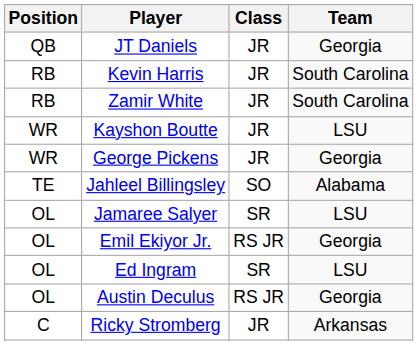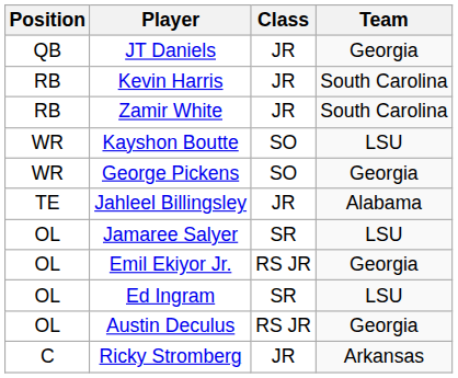 <table class="wikitable sortable">
 <tr>
 <th>Position</th>
 <th>Player</th>
 <th>Class</th>
 <th>Team</th>
 </tr>
 <tr style="text-align:center;">
 <td style="background:white">QB</td>
 <td style="background:white"><a href='#'>JT Daniels</a></td>
 <td style="background:white">JR</td>
 <td>Georgia</td>
 </tr>
 <tr style="text-align:center;">
 <td style="background:white">RB</td>
 <td style="background:white"><a href='#'>Kevin Harris</a></td>
 <td style="background:white">JR</td>
 <td>South Carolina</td>
 </tr>
 <tr style="text-align:center;">
 <td style="background:white">RB</td>
 <td style="background:white"><a href='#'>Zamir White</a></td>
 <td style="background:white">JR</td>
 <td>South Carolina</td>
 </tr>
 <tr style="text-align:center;">
 <td style="background:white">WR</td>
 <td style="background:white"><a href='#'>Kayshon Boutte</a></td>
-<td style="background:white">JR</td>
+<td style="background:white">SO</td>
 <td>LSU</td>
 </tr>
 <tr style="text-align:center;">
 <td style="background:white">WR</td>
 <td style="background:white"><a href='#'>George Pickens</a></td>
-<td style="background:white">JR</td>
+<td style="background:white">SO</td>
 <td>Georgia</td>
 </tr>
 <tr style="text-align:center;">
 <td style="background:white">TE</td>
 <td style="background:white"><a href='#'>Jahleel Billingsley</a></td>
-<td style="background:white">SO</td>
+<td style="background:white">JR</td>
 <td>Alabama</td>
 </tr>
 <tr style="text-align:center;">
 <td style="background:white">OL</td>
 <td style="background:white"><a href='#'>Jamaree Salyer</a></td>
 <td style="background:white">SR</td>
 <td>LSU</td>
 </tr>
 <tr style="text-align:center;">
 <td style="background:white">OL</td>
 <td style="background:white"><a href='#'>Emil Ekiyor Jr.</a></td>
 <td style="background:white">RS JR</td>
 <td>Georgia</td>
 </tr>
 <tr style="text-align:center;">
 <td style="background:white">OL</td>
 <td style="background:white"><a href='#'>Ed Ingram</a></td>
 <td style="background:white">SR</td>
 <td>LSU</td>
 </tr>
 <tr style="text-align:center;">
 <td style="background:white">OL</td>
 <td style="background:white"><a href='#'>Austin Deculus</a></td>
 <td style="background:white">RS JR</td>
 <td>Georgia</td>
 </tr>
 <tr style="text-align:center;">
 <td style="background:white">C</td>
 <td style="background:white"><a href='#'>Ricky Stromberg</a></td>
 <td style="background:white">JR</td>
 <td>Arkansas</td>
 </tr>
 </table>
